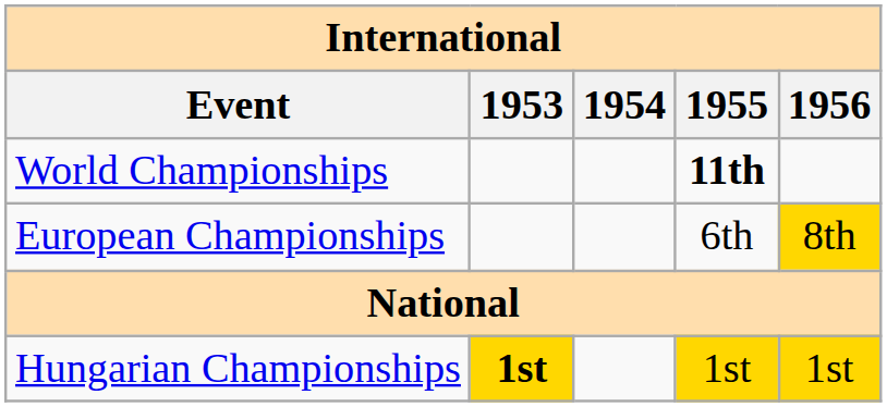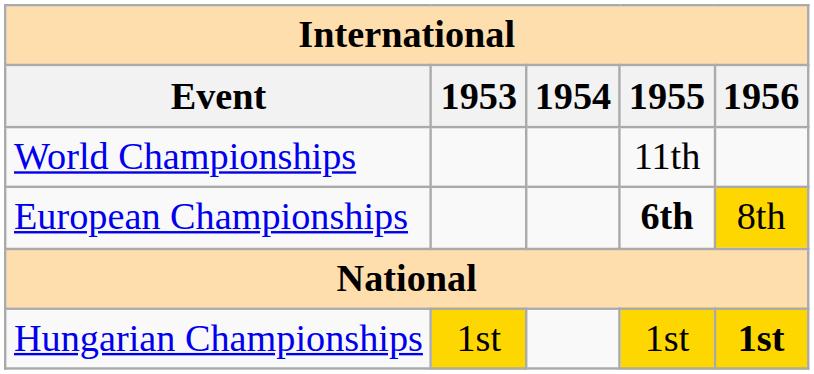 <table class="wikitable" style="text-align:center">
 <tr>
 <th style="background-color: #ffdead; " colspan=5 align=center>International</th>
 </tr>
 <tr>
 <th>Event</th>
 <th>1953</th>
 <th>1954</th>
 <th>1955</th>
 <th>1956</th>
 </tr>
 <tr>
 <td align=left><a href='#'>World Championships</a></td>
 <td></td>
 <td></td>
-<td><strong>11th</strong></td>
+<td>11th</td>
 <td></td>
 </tr>
 <tr>
 <td align=left><a href='#'>European Championships</a></td>
 <td></td>
 <td></td>
-<td>6th</td>
+<td><strong>6th</strong></td>
 <td style="background: gold;">8th</td>
 </tr>
 <tr>
 <th style="background-color: #ffdead; " colspan=5 align=center>National</th>
 </tr>
 <tr>
 <td align=left><a href='#'>Hungarian Championships</a></td>
-<td bgcolor=gold><strong>1st</strong></td>
+<td bgcolor=gold>1st</td>
 <td></td>
 <td bgcolor=gold>1st</td>
-<td bgcolor=gold>1st</td>
+<td bgcolor=gold><strong>1st</strong></td>
 </tr>
 </table>
